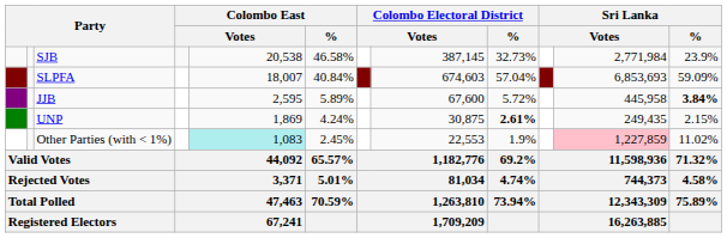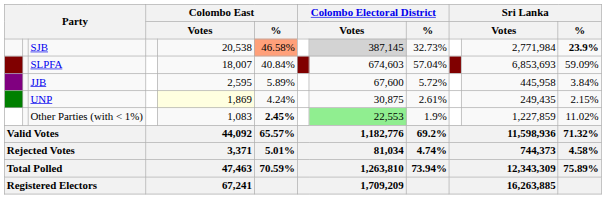 <table class="wikitable">
 <tr>
 <th colspan="3" width="144px"rowspan="2">Party</th>
 <th colspan="3" width="216px">Colombo East</th>
 <th colspan="3" width="216px"><a href='#'>Colombo Electoral District</a></th>
 <th colspan="3" width="216px">Sri Lanka</th>
 </tr>
 <tr>
 <th colspan="2" width="144px">Votes</th>
 <th>%</th>
 <th colspan="2" width="144px">Votes</th>
 <th>%</th>
 <th colspan="2" width="144px">Votes</th>
 <th>%</th>
 </tr>
 <tr>
 <td style="background-color:"></td>
 <td></td>
 <td style="text-align:left;"><a href='#'>SJB</a></td>
 <td style="background-color:"></td>
 <td style="text-align:right;">20,538</td>
-<td style="text-align:right;">46.58%</td>
+<td style="background: lightsalmon; text-align:right;">46.58%</td>
 <td style="background-color:white;" width="10px"></td>
-<td style="text-align:right;">387,145</td>
+<td style="background: lightgrey; text-align:right;">387,145</td>
 <td style="text-align:right;">32.73%</td>
 <td style="background-color:white;" width="10px"></td>
 <td style="text-align:right;">2,771,984</td>
-<td style="text-align:right;">23.9%</td>
+<td style="text-align:right;"><strong>23.9%</strong></td>
 </tr>
 <tr>
 <td style="background-color:maroon;" width="20px"></td>
 <td></td>
 <td style="text-align:left;"><a href='#'>SLPFA</a></td>
 <td style="background-color:white;" width="10px"></td>
 <td style="text-align:right;">18,007</td>
 <td style="text-align:right;">40.84%</td>
 <td style="background-color:maroon;" width="10px"></td>
 <td style="text-align:right;">674,603</td>
 <td style="text-align:right;">57.04%</td>
 <td style="background-color:maroon;" width="10px"></td>
 <td style="text-align:right;">6,853,693</td>
 <td style="text-align:right;">59.09%</td>
 </tr>
 <tr>
 <td style="background-color:purple;" width="20px"></td>
 <td></td>
 <td style="text-align:left;"><a href='#'>JJB</a></td>
 <td style="background-color:white;" width="10px"></td>
 <td style="text-align:right;">2,595</td>
 <td style="text-align:right;">5.89%</td>
 <td style="background-color:white;" width="10px"></td>
 <td style="text-align:right;">67,600</td>
 <td style="text-align:right;">5.72%</td>
 <td style="background-color:white;" width="10px"></td>
 <td style="text-align:right;">445,958</td>
-<td style="text-align:right;"><strong>3.84%</strong></td>
+<td style="text-align:right;">3.84%</td>
 </tr>
 <tr>
 <td style="background-color:green;" width="20px"></td>
 <td></td>
 <td style="text-align:left;"><a href='#'>UNP</a></td>
 <td style="background-color:white;" width="10px"></td>
-<td style="text-align:right;">1,869</td>
+<td style="background: lightyellow; text-align:right;">1,869</td>
 <td style="text-align:right;">4.24%</td>
 <td style="background-color:white;" width="10px"></td>
 <td style="text-align:right;">30,875</td>
-<td style="text-align:right;"><strong>2.61%</strong></td>
+<td style="text-align:right;">2.61%</td>
 <td style="background-color:white;" width="10px"></td>
 <td style="text-align:right;">249,435</td>
 <td style="text-align:right;">2.15%</td>
 </tr>
 <tr>
 <td style="background-color:white;" width="20px"></td>
 <td></td>
 <td style="text-align:left;">Other Parties (with < 1%)</td>
 <td style="background-color:white;" width="10px"></td>
-<td style="background: paleturquoise; text-align:right;">1,083</td>
-<td style="text-align:right;">2.45%</td>
+<td style="text-align:right;">1,083</td>
+<td style="text-align:right;"><strong>2.45%</strong></td>
 <td style="background-color:white;" width="10px"></td>
-<td style="text-align:right;">22,553</td>
+<td style="background: lightgreen; text-align:right;">22,553</td>
 <td style="text-align:right;">1.9%</td>
 <td style="background-color:white;" width="10px"></td>
-<td style="background: pink; text-align:right;">1,227,859</td>
+<td style="text-align:right;">1,227,859</td>
 <td style="text-align:right;">11.02%</td>
 </tr>
 <tr>
 <th colspan="3" width="144px"style="text-align:left;">Valid Votes</th>
 <th style="text-align:right;"colspan="2" width="144px">44,092</th>
 <th style="text-align:right;">65.57%</th>
 <th style="text-align:right;"colspan="2" width="144px">1,182,776</th>
 <th style="text-align:right;">69.2%</th>
 <th style="text-align:right;"colspan="2" width="144px">11,598,936</th>
 <th style="text-align:right;">71.32%</th>
 </tr>
 <tr>
 <th colspan="3" width="144px"style="text-align:left;">Rejected Votes</th>
 <th style="text-align:right;"colspan="2" width="144px">3,371</th>
 <th style="text-align:right;">5.01%</th>
 <th style="text-align:right;"colspan="2" width="144px">81,034</th>
 <th style="text-align:right;">4.74%</th>
 <th style="text-align:right;"colspan="2" width="144px">744,373</th>
 <th style="text-align:right;">4.58%</th>
 </tr>
 <tr>
 <th colspan="3" width="144px"style="text-align:left;">Total Polled</th>
 <th style="text-align:right;"colspan="2" width="144px">47,463</th>
 <th style="text-align:right;">70.59%</th>
 <th style="text-align:right;"colspan="2" width="144px">1,263,810</th>
 <th style="text-align:right;">73.94%</th>
 <th style="text-align:right;"colspan="2" width="144px">12,343,309</th>
 <th style="text-align:right;">75.89%</th>
 </tr>
 <tr>
 <th colspan="3" width="144px"style="text-align:left;">Registered Electors</th>
 <th style="text-align:right;"colspan="2" width="144px">67,241</th>
 <th></th>
 <th style="text-align:right;"colspan="2" width="144px">1,709,209</th>
 <th></th>
 <th style="text-align:right;"colspan="2" width="144px">16,263,885</th>
 <th></th>
 </tr>
 </table>
